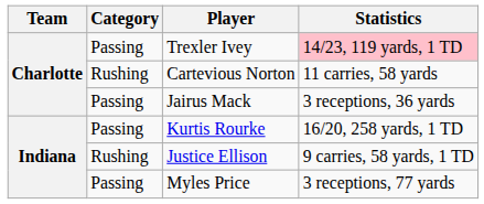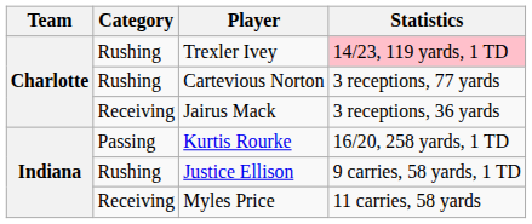 <table class="wikitable" style="float:right">
 <tr>
 <th>Team</th>
 <th>Category</th>
 <th>Player</th>
 <th>Statistics</th>
 </tr>
 <tr>
 <th rowspan=3>Charlotte</th>
-<td>Passing</td>
+<td>Rushing</td>
 <td>Trexler Ivey</td>
 <td style="background: pink;">14/23, 119 yards, 1 TD</td>
 </tr>
 <tr>
 <td>Rushing</td>
 <td>Cartevious Norton</td>
-<td>11 carries, 58 yards</td>
+<td>3 receptions, 77 yards</td>
 </tr>
 <tr>
-<td>Passing</td>
+<td>Receiving</td>
 <td>Jairus Mack</td>
 <td>3 receptions, 36 yards</td>
 </tr>
 <tr>
 <th rowspan=3>Indiana</th>
 <td>Passing</td>
 <td><a href='#'>Kurtis Rourke</a></td>
 <td>16/20, 258 yards, 1 TD</td>
 </tr>
 <tr>
 <td>Rushing</td>
 <td><a href='#'>Justice Ellison</a></td>
 <td>9 carries, 58 yards, 1 TD</td>
 </tr>
 <tr>
-<td>Passing</td>
+<td>Receiving</td>
 <td>Myles Price</td>
-<td>3 receptions, 77 yards</td>
+<td>11 carries, 58 yards</td>
 </tr>
 </table>
